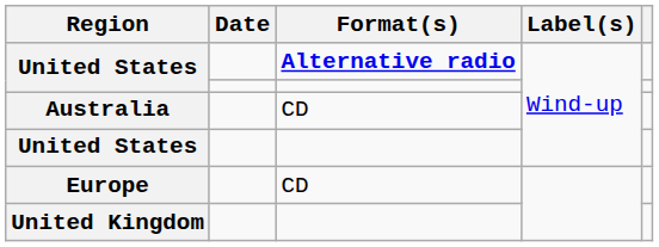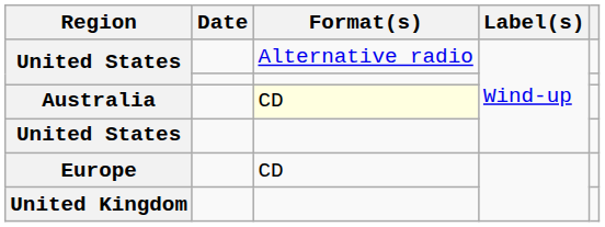 <table class="wikitable plainrowheaders">
 <tr>
 <th scope="col">Region</th>
 <th scope="col">Date</th>
 <th scope="col">Format(s)</th>
 <th scope="col">Label(s)</th>
 <th scope="col"></th>
 </tr>
 <tr>
 <th scope="row" rowspan="2">United States</th>
 <td></td>
-<td><strong><a href='#'>Alternative radio</a></strong></td>
+<td><a href='#'>Alternative radio</a></td>
 <td rowspan="4"><a href='#'>Wind-up</a></td>
 <td></td>
 </tr>
 <tr>
 <td></td>
 <td></td>
 <td></td>
 </tr>
 <tr>
 <th scope="row">Australia</th>
 <td></td>
-<td>CD</td>
+<td style="background: lightyellow;">CD</td>
 <td></td>
 </tr>
 <tr>
 <th scope="row">United States</th>
 <td></td>
 <td></td>
 <td></td>
 </tr>
 <tr>
 <th scope="row">Europe</th>
 <td></td>
 <td>CD</td>
 <td rowspan="2"></td>
 <td></td>
 </tr>
 <tr>
 <th scope="row">United Kingdom</th>
 <td></td>
 <td></td>
 <td></td>
 </tr>
 </table>
